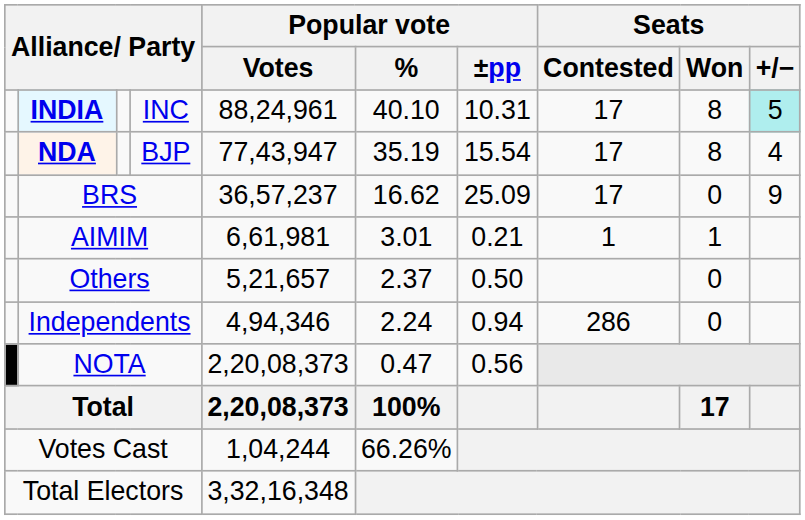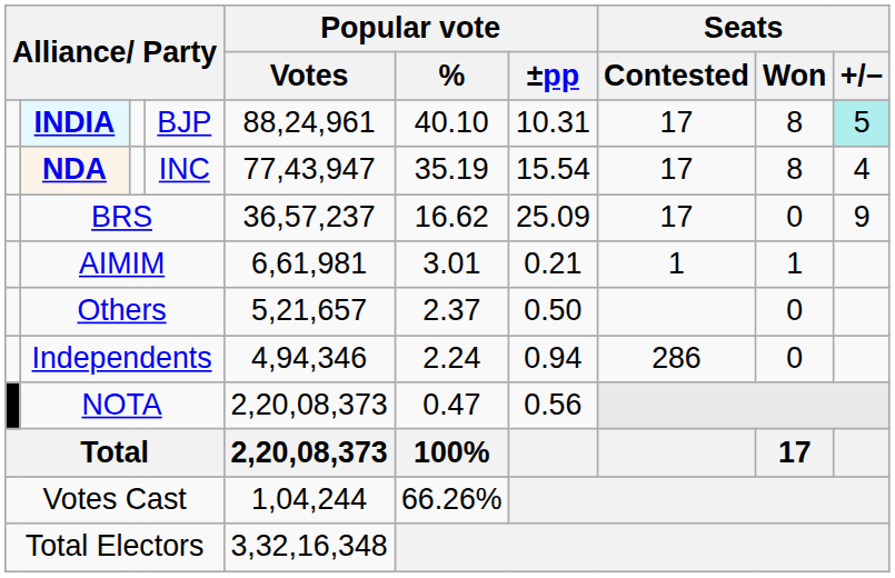 <table class="wikitable sortable" style="text-align:center;">
 <tr>
 <th colspan="4" rowspan="2">Alliance/ Party</th>
 <th colspan="3">Popular vote</th>
 <th colspan="3">Seats</th>
 </tr>
 <tr>
 <th>Votes</th>
 <th>%</th>
 <th>±<a href='#'>pp</a></th>
 <th>Contested</th>
 <th>Won</th>
 <th><strong>+/−</strong></th>
 </tr>
 <tr>
 <td></td>
 <th style="background:#E5F8FF"><a href='#'>INDIA</a></th>
 <td></td>
-<td><a href='#'>INC</a></td>
+<td><a href='#'>BJP</a></td>
 <td>88,24,961</td>
 <td>40.10</td>
 <td> 10.31</td>
 <td>17</td>
 <td>8</td>
 <td style="background: paleturquoise;"> 5</td>
 </tr>
 <tr>
 <td></td>
 <th style="background:#fef3e8"><a href='#'>NDA</a></th>
 <td></td>
-<td><a href='#'>BJP</a></td>
+<td><a href='#'>INC</a></td>
 <td>77,43,947</td>
 <td>35.19</td>
 <td> 15.54</td>
 <td>17</td>
 <td>8</td>
 <td>4</td>
 </tr>
 <tr>
 <td></td>
 <td colspan="3"><a href='#'>BRS</a></td>
 <td>36,57,237</td>
 <td>16.62</td>
 <td> 25.09</td>
 <td>17</td>
 <td>0</td>
 <td> 9</td>
 </tr>
 <tr>
 <td></td>
 <td colspan="3"><a href='#'>AIMIM</a></td>
 <td>6,61,981</td>
 <td>3.01</td>
 <td> 0.21</td>
 <td>1</td>
 <td>1</td>
 <td></td>
 </tr>
 <tr>
 <td></td>
 <td colspan="3"><a href='#'>Others</a></td>
 <td>5,21,657</td>
 <td>2.37</td>
 <td> 0.50</td>
 <td></td>
 <td>0</td>
 <td></td>
 </tr>
 <tr>
 <td></td>
 <td colspan="3"><a href='#'>Independents</a></td>
 <td>4,94,346</td>
 <td>2.24</td>
 <td> 0.94</td>
 <td>286</td>
 <td>0</td>
 <td></td>
 </tr>
 <tr>
 <td bgcolor="Black"></td>
 <td colspan="3"><a href='#'>NOTA</a></td>
 <td>2,20,08,373</td>
 <td>0.47</td>
 <td> 0.56</td>
 <th colspan="3" style="background-color:#E9E9E9"></th>
 </tr>
 <tr>
 <th colspan="4">Total</th>
 <th><strong>2,20,08,373</strong></th>
 <th>100%</th>
 <th></th>
 <th></th>
 <th>17</th>
 <th></th>
 </tr>
 <tr>
 <td colspan="4">Votes Cast</td>
 <td>1,04,244</td>
 <td>66.26%</td>
 <th colspan="4"></th>
 </tr>
 <tr>
 <td colspan="4">Total Electors</td>
 <td>3,32,16,348</td>
 <th colspan="5"></th>
 </tr>
 </table>
